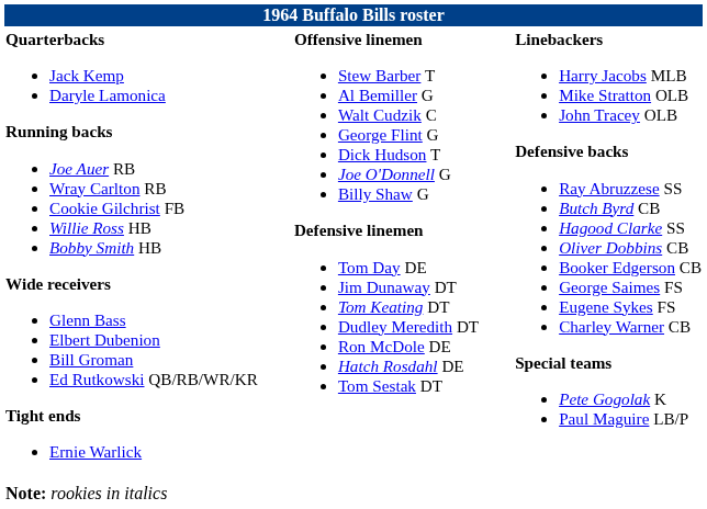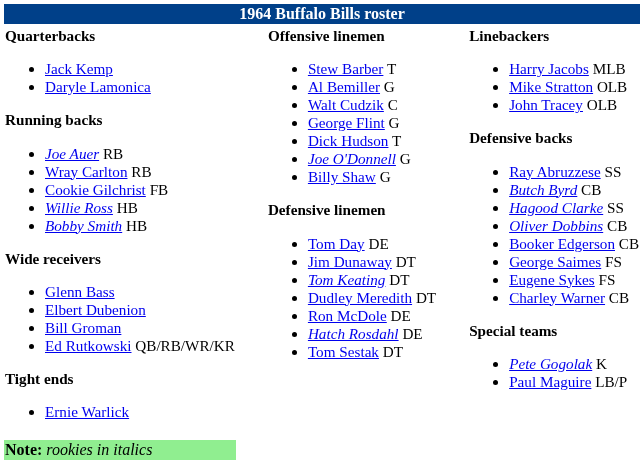 <table class="toccolours" style="text-align: left;">
 <tr>
 <th colspan="7" style="text-align:center;background-color: #004089;color:white;">1964 Buffalo Bills roster</th>
 </tr>
 <tr>
 <td style="font-size: 95%;" valign="top"><strong>Quarterbacks</strong><br><ul><li> <a href='#'>Jack Kemp</a></li><li> <a href='#'>Daryle Lamonica</a></li></ul><strong>Running backs</strong><ul><li> <em><a href='#'>Joe Auer</a></em> RB</li><li> <a href='#'>Wray Carlton</a> RB</li><li> <a href='#'>Cookie Gilchrist</a> FB</li><li> <em><a href='#'>Willie Ross</a></em> HB</li><li> <em><a href='#'>Bobby Smith</a></em> HB</li></ul><strong>Wide receivers</strong><ul><li> <a href='#'>Glenn Bass</a></li><li> <a href='#'>Elbert Dubenion</a></li><li> <a href='#'>Bill Groman</a></li><li> <a href='#'>Ed Rutkowski</a> QB/RB/WR/KR</li></ul><strong>Tight ends</strong><ul><li> <a href='#'>Ernie Warlick</a></li></ul></td>
 <td style="width: 25px;"></td>
 <td style="font-size: 95%;" valign="top"><strong>Offensive linemen</strong><br><ul><li> <a href='#'>Stew Barber</a> T</li><li> <a href='#'>Al Bemiller</a> G</li><li> <a href='#'>Walt Cudzik</a> C</li><li> <a href='#'>George Flint</a> G</li><li> <a href='#'>Dick Hudson</a> T</li><li> <em><a href='#'>Joe O'Donnell</a></em> G</li><li> <a href='#'>Billy Shaw</a> G</li></ul><strong>Defensive linemen</strong><ul><li> <a href='#'>Tom Day</a> DE</li><li> <a href='#'>Jim Dunaway</a> DT</li><li> <em><a href='#'>Tom Keating</a></em> DT</li><li> <a href='#'>Dudley Meredith</a> DT</li><li> <a href='#'>Ron McDole</a> DE</li><li> <em><a href='#'>Hatch Rosdahl</a></em> DE</li><li> <a href='#'>Tom Sestak</a> DT</li></ul></td>
 <td style="width: 25px;"></td>
 <td style="font-size: 95%;" valign="top"><strong>Linebackers</strong><br><ul><li> <a href='#'>Harry Jacobs</a> MLB</li><li> <a href='#'>Mike Stratton</a> OLB</li><li> <a href='#'>John Tracey</a> OLB</li></ul><strong>Defensive backs</strong><ul><li> <a href='#'>Ray Abruzzese</a> SS</li><li> <em><a href='#'>Butch Byrd</a></em> CB</li><li> <em><a href='#'>Hagood Clarke</a></em> SS</li><li> <em><a href='#'>Oliver Dobbins</a></em> CB</li><li> <a href='#'>Booker Edgerson</a> CB</li><li> <a href='#'>George Saimes</a> FS</li><li> <a href='#'>Eugene Sykes</a> FS</li><li> <a href='#'>Charley Warner</a> CB</li></ul><strong>Special teams</strong><ul><li> <em><a href='#'>Pete Gogolak</a></em> K</li><li> <a href='#'>Paul Maguire</a> LB/P</li></ul></td>
 </tr>
 <tr>
-<td><strong>Note:</strong> <em>rookies in italics</em></td>
+<td style="background: lightgreen;"><strong>Note:</strong> <em>rookies in italics</em></td>
 </tr>
 </table>
